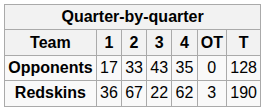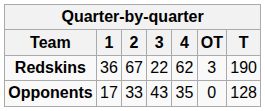 <table class="wikitable" style="text-align:center">
 <tr>
 <th colspan="7">Quarter-by-quarter</th>
 </tr>
 <tr>
 <th>Team</th>
 <th>1</th>
 <th>2</th>
 <th>3</th>
 <th>4</th>
 <th>OT</th>
 <th>T</th>
 </tr>
 <tr>
+<td><strong>Redskins</strong></td>
+<td>36</td>
+<td>67</td>
+<td>22</td>
+<td>62</td>
+<td>3</td>
+<td>190</td>
+</tr>
+<tr>
 <td><strong>Opponents</strong></td>
 <td>17</td>
 <td>33</td>
 <td>43</td>
 <td>35</td>
 <td>0</td>
 <td>128</td>
 </tr>
-<tr>
-<td><strong>Redskins</strong></td>
-<td>36</td>
-<td>67</td>
-<td>22</td>
-<td>62</td>
-<td>3</td>
-<td>190</td>
-</tr>
 </table>
